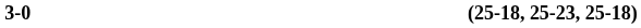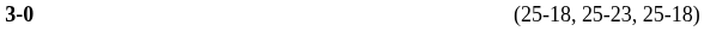 <table width=100% cellspacing=1>
 <tr>
 <th width=20%></th>
 <th width=12%></th>
 <th width=20%></th>
 <th width=33%></th>
 <td></td>
 </tr>
 <tr style=font-size:90%>
 <td align=right></td>
 <td align=center><strong>3-0</strong></td>
 <td></td>
-<td><strong>(25-18, 25-23, 25-18)</strong></td>
+<td>(25-18, 25-23, 25-18)</td>
 </tr>
 </table>
